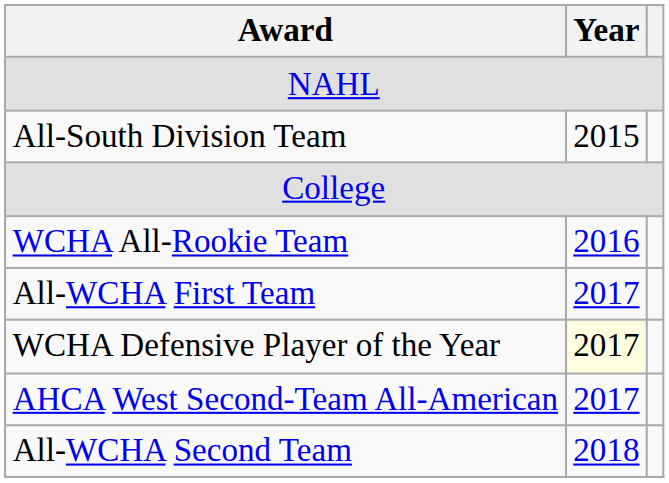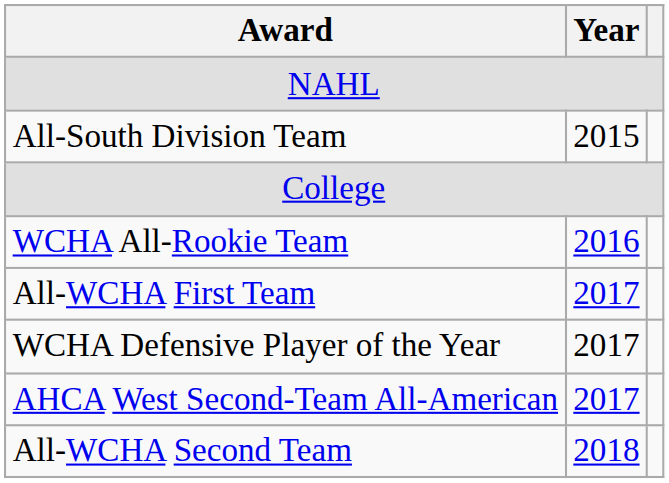 <table class="wikitable">
 <tr>
 <th>Award</th>
 <th>Year</th>
 <th></th>
 </tr>
 <tr ALIGN="center" bgcolor="#e0e0e0">
 <td colspan="3"><a href='#'>NAHL</a></td>
 </tr>
 <tr>
 <td>All-South Division Team</td>
 <td>2015</td>
 <td></td>
 </tr>
 <tr ALIGN="center" bgcolor="#e0e0e0">
 <td colspan="3"><a href='#'>College</a></td>
 </tr>
 <tr>
 <td><a href='#'>WCHA</a> All-<a href='#'>Rookie Team</a></td>
 <td><a href='#'>2016</a></td>
 <td></td>
 </tr>
 <tr>
 <td>All-<a href='#'>WCHA</a> <a href='#'>First Team</a></td>
 <td><a href='#'>2017</a></td>
 <td></td>
 </tr>
 <tr>
 <td>WCHA Defensive Player of the Year</td>
-<td style="background: lightyellow;">2017</td>
+<td>2017</td>
 <td></td>
 </tr>
 <tr>
 <td><a href='#'>AHCA</a> <a href='#'>West Second-Team All-American</a></td>
 <td><a href='#'>2017</a></td>
 <td></td>
 </tr>
 <tr>
 <td>All-<a href='#'>WCHA</a> <a href='#'>Second Team</a></td>
 <td><a href='#'>2018</a></td>
 <td></td>
 </tr>
 </table>
